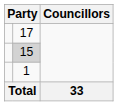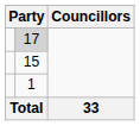 <table class="wikitable">
 <tr>
 <th colspan=2>Party</th>
 <th>Councillors</th>
 </tr>
 <tr>
 <td></td>
-<td align=center>17</td>
+<td align=center style="background: lightgrey;">17</td>
 </tr>
 <tr>
 <td></td>
-<td align=center style="background: lightgrey;">15</td>
+<td align=center>15</td>
 </tr>
 <tr>
 <td></td>
 <td align=center>1</td>
 </tr>
 <tr>
 <th colspan=2>Total</th>
 <th>33</th>
 </tr>
 </table>
